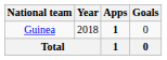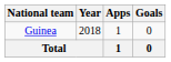 <table class=wikitable style=text-align:center>
 <tr>
 <th>National team</th>
 <th>Year</th>
 <th>Apps</th>
 <th>Goals</th>
 </tr>
 <tr>
 <td rowspan="1"><a href='#'>Guinea</a></td>
 <td>2018</td>
-<td><strong>1</strong></td>
+<td>1</td>
 <td>0</td>
 </tr>
 <tr>
 <th colspan="2">Total</th>
 <th>1</th>
 <th>0</th>
 </tr>
 </table>
